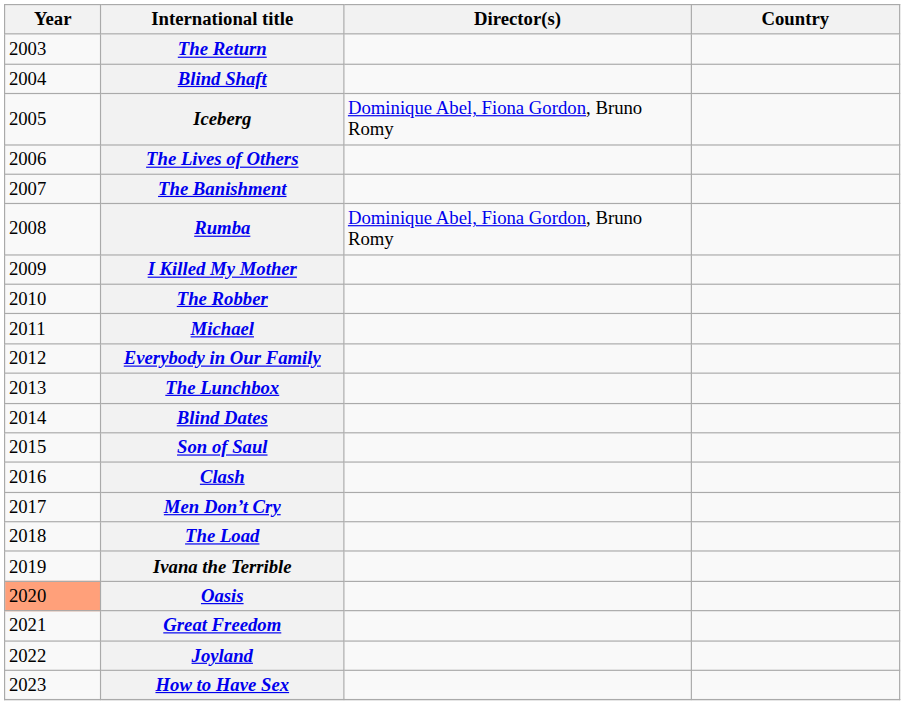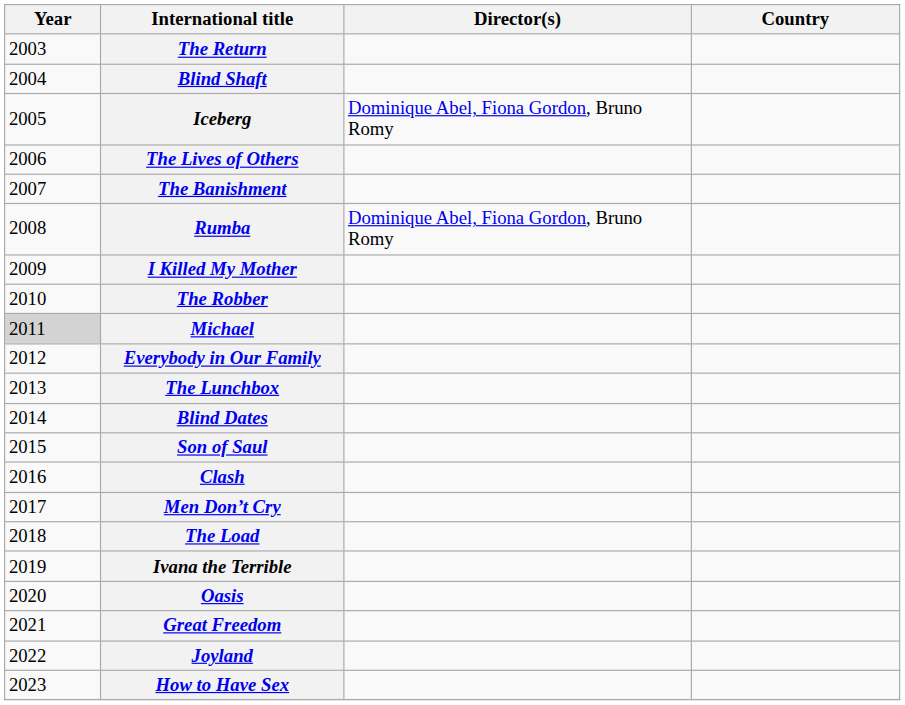 <table class="sortable wikitable plainrowheaders">
 <tr>
 <th scope="col" width=75>Year</th>
 <th scope="col" width=200>International title</th>
 <th scope="col" width=290>Director(s)</th>
 <th scope="col" width=170>Country</th>
 </tr>
 <tr>
 <td align=left>2003 </td>
 <th scope=row><em><a href='#'>The Return</a></em></th>
 <td></td>
 <td></td>
 </tr>
 <tr>
 <td align=left>2004 </td>
 <th scope=row><em><a href='#'>Blind Shaft</a></em></th>
 <td></td>
 <td></td>
 </tr>
 <tr>
 <td align=left>2005 </td>
 <th scope=row><em>Iceberg</em></th>
 <td><a href='#'>Dominique Abel, Fiona Gordon</a>, Bruno Romy</td>
 <td></td>
 </tr>
 <tr>
 <td align=left>2006 </td>
 <th scope=row><em><a href='#'>The Lives of Others</a></em></th>
 <td></td>
 <td></td>
 </tr>
 <tr>
 <td align=left>2007 </td>
 <th scope=row><em><a href='#'>The Banishment</a></em></th>
 <td></td>
 <td></td>
 </tr>
 <tr>
 <td align=left>2008 </td>
 <th scope=row><em><a href='#'>Rumba</a></em></th>
 <td><a href='#'>Dominique Abel, Fiona Gordon</a>, Bruno Romy</td>
 <td></td>
 </tr>
 <tr>
 <td align=left>2009 </td>
 <th scope=row><em><a href='#'>I Killed My Mother</a></em></th>
 <td></td>
 <td></td>
 </tr>
 <tr>
 <td align=left>2010 </td>
 <th scope=row><em><a href='#'>The Robber</a></em></th>
 <td></td>
 <td></td>
 </tr>
 <tr>
-<td align=left>2011 </td>
+<td align=left style="background: lightgrey;">2011 </td>
 <th scope=row><em><a href='#'>Michael</a></em></th>
 <td></td>
 <td></td>
 </tr>
 <tr>
 <td align=left>2012 </td>
 <th scope=row><em><a href='#'>Everybody in Our Family</a></em></th>
 <td></td>
 <td></td>
 </tr>
 <tr>
 <td align=left>2013 </td>
 <th scope=row><em><a href='#'>The Lunchbox</a></em></th>
 <td></td>
 <td></td>
 </tr>
 <tr>
 <td align=left>2014 </td>
 <th scope=row><em><a href='#'>Blind Dates</a></em></th>
 <td></td>
 <td></td>
 </tr>
 <tr>
 <td align=left>2015 </td>
 <th scope=row><em><a href='#'>Son of Saul</a></em></th>
 <td></td>
 <td></td>
 </tr>
 <tr>
 <td align=left>2016 </td>
 <th scope=row><em><a href='#'>Clash</a></em></th>
 <td></td>
 <td></td>
 </tr>
 <tr>
 <td align=left>2017 </td>
 <th scope=row><em><a href='#'>Men Don’t Cry</a></em></th>
 <td></td>
 <td></td>
 </tr>
 <tr>
 <td align=left>2018 </td>
 <th scope=row><em><a href='#'>The Load</a></em></th>
 <td></td>
 <td></td>
 </tr>
 <tr>
 <td align=left>2019 </td>
 <th scope=row><em>Ivana the Terrible</em></th>
 <td></td>
 <td></td>
 </tr>
 <tr>
-<td align=left style="background: lightsalmon;">2020 </td>
+<td align=left>2020 </td>
 <th scope=row><em><a href='#'>Oasis</a></em></th>
 <td></td>
 <td></td>
 </tr>
 <tr>
 <td align=left>2021 </td>
 <th scope=row><em><a href='#'>Great Freedom</a></em></th>
 <td></td>
 <td></td>
 </tr>
 <tr>
 <td align=left>2022 </td>
 <th scope=row><em><a href='#'>Joyland</a></em></th>
 <td></td>
 <td></td>
 </tr>
 <tr>
 <td align=left>2023 </td>
 <th scope=row><em><a href='#'>How to Have Sex</a></em></th>
 <td></td>
 <td></td>
 </tr>
 <tr>
 </tr>
 </table>
